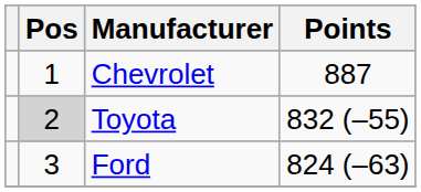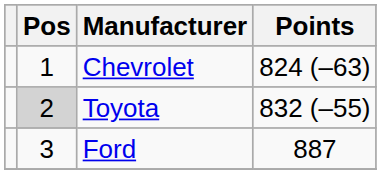 <table class="wikitable" style="font-size: 95%;">
 <tr>
 <th></th>
 <th>Pos</th>
 <th>Manufacturer</th>
 <th>Points</th>
 </tr>
 <tr>
 <td align="left"></td>
 <td style="text-align:center;">1</td>
 <td><a href='#'>Chevrolet</a></td>
-<td style="text-align:center;">887</td>
+<td style="text-align:center;">824 (–63)</td>
 </tr>
 <tr>
 <td align="left"></td>
 <td style="background: lightgrey; text-align:center;">2</td>
 <td><a href='#'>Toyota</a></td>
 <td style="text-align:center;">832 (–55)</td>
 </tr>
 <tr>
 <td align="left"></td>
 <td style="text-align:center;">3</td>
 <td><a href='#'>Ford</a></td>
-<td style="text-align:center;">824 (–63)</td>
+<td style="text-align:center;">887</td>
 </tr>
 <tr class="sortbottom">
 </tr>
 </table>
